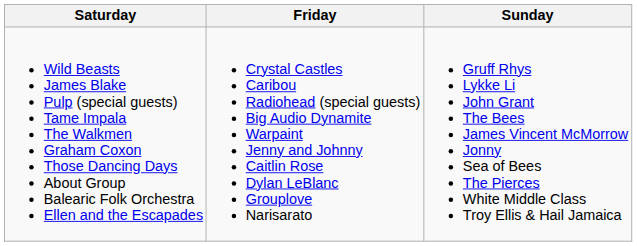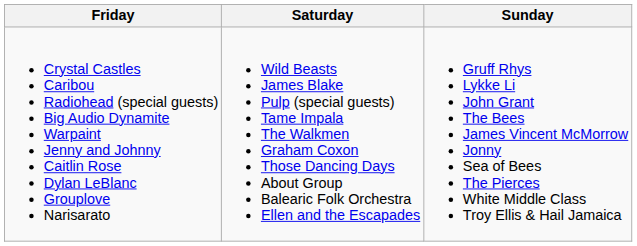 <table class="wikitable">
 <tr>
+<th>Friday</th>
 <th>Saturday</th>
-<th>Friday</th>
 <th>Sunday</th>
 </tr>
 <tr valign="top">
+<td><br><ul><li><a href='#'>Crystal Castles</a></li><li><a href='#'>Caribou</a></li><li><a href='#'>Radiohead</a> (special guests)</li><li><a href='#'>Big Audio Dynamite</a></li><li><a href='#'>Warpaint</a></li><li><a href='#'>Jenny and Johnny</a></li><li><a href='#'>Caitlin Rose</a></li><li><a href='#'>Dylan LeBlanc</a></li><li><a href='#'>Grouplove</a></li><li>Narisarato</li></ul></td>
 <td><br><ul><li><a href='#'>Wild Beasts</a></li><li><a href='#'>James Blake</a></li><li><a href='#'>Pulp</a> (special guests)</li><li><a href='#'>Tame Impala</a></li><li><a href='#'>The Walkmen</a></li><li><a href='#'>Graham Coxon</a></li><li><a href='#'>Those Dancing Days</a></li><li>About Group</li><li>Balearic Folk Orchestra</li><li><a href='#'>Ellen and the Escapades</a></li></ul></td>
-<td><br><ul><li><a href='#'>Crystal Castles</a></li><li><a href='#'>Caribou</a></li><li><a href='#'>Radiohead</a> (special guests)</li><li><a href='#'>Big Audio Dynamite</a></li><li><a href='#'>Warpaint</a></li><li><a href='#'>Jenny and Johnny</a></li><li><a href='#'>Caitlin Rose</a></li><li><a href='#'>Dylan LeBlanc</a></li><li><a href='#'>Grouplove</a></li><li>Narisarato</li></ul></td>
 <td><br><ul><li><a href='#'>Gruff Rhys</a></li><li><a href='#'>Lykke Li</a></li><li><a href='#'>John Grant</a></li><li><a href='#'>The Bees</a></li><li><a href='#'>James Vincent McMorrow</a></li><li><a href='#'>Jonny</a></li><li>Sea of Bees</li><li><a href='#'>The Pierces</a></li><li>White Middle Class</li><li>Troy Ellis & Hail Jamaica</li></ul></td>
 </tr>
 </table>
